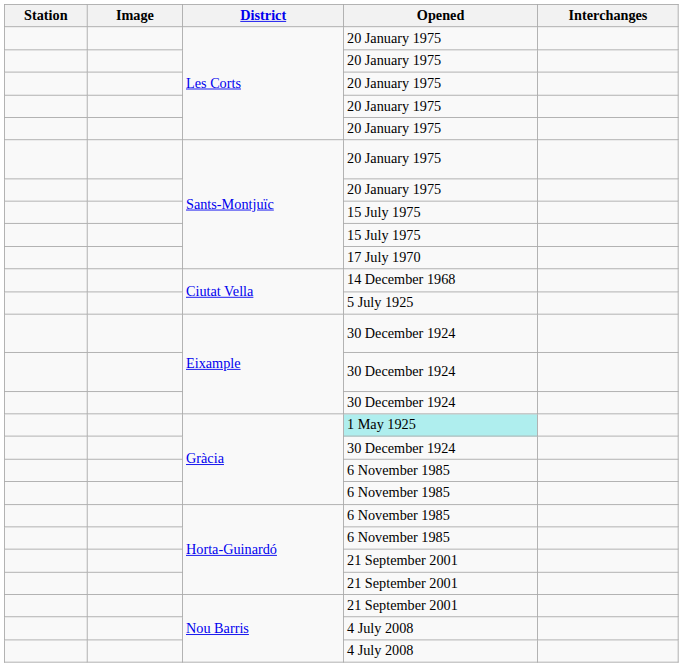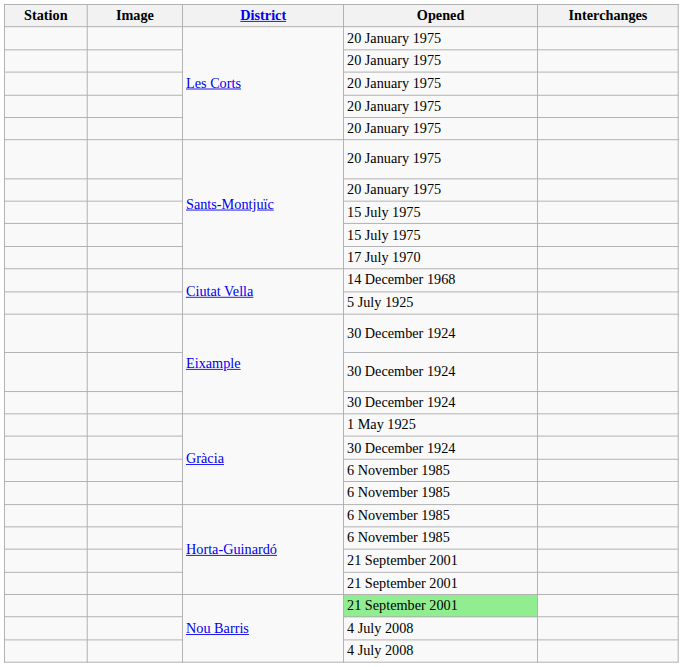 <table class="wikitable sortable" style="width:60%">
 <tr>
 <th>Station</th>
 <th style="width:100px" class="unsortable">Image</th>
 <th><a href='#'>District</a></th>
 <th data-sort-type="date">Opened</th>
 <th class="unsortable">Interchanges</th>
 </tr>
 <tr>
 <td><strong></strong></td>
 <td></td>
 <td rowspan=5><a href='#'>Les Corts</a></td>
 <td>20 January 1975</td>
 <td>  <br>   </td>
 </tr>
 <tr>
 <td><strong></strong></td>
 <td></td>
 <td>20 January 1975</td>
 <td>   </td>
 </tr>
 <tr>
 <td><strong></strong></td>
 <td></td>
 <td>20 January 1975</td>
 <td>   </td>
 </tr>
 <tr>
 <td><strong></strong></td>
 <td></td>
 <td>20 January 1975</td>
 <td></td>
 </tr>
 <tr>
 <td><strong></strong></td>
 <td></td>
 <td>20 January 1975</td>
 <td></td>
 </tr>
 <tr>
 <td><strong></strong></td>
 <td></td>
 <td rowspan=5><a href='#'>Sants-Montjuïc</a></td>
 <td>20 January 1975</td>
 <td>  <br>    <br></td>
 </tr>
 <tr>
 <td><strong></strong></td>
 <td></td>
 <td>20 January 1975</td>
 <td></td>
 </tr>
 <tr>
 <td><strong></strong></td>
 <td></td>
 <td>15 July 1975</td>
 <td>  <br>   </td>
 </tr>
 <tr>
 <td><strong></strong></td>
 <td></td>
 <td>15 July 1975</td>
 <td></td>
 </tr>
 <tr>
 <td><strong></strong></td>
 <td></td>
 <td>17 July 1970</td>
 <td>   </td>
 </tr>
 <tr>
 <td><strong></strong></td>
 <td></td>
 <td rowspan=2><a href='#'>Ciutat Vella</a></td>
 <td>14 December 1968</td>
 <td></td>
 </tr>
 <tr>
 <td><strong></strong></td>
 <td></td>
 <td>5 July 1925</td>
 <td></td>
 </tr>
 <tr>
 <td><strong></strong></td>
 <td></td>
 <td rowspan=3><a href='#'>Eixample</a></td>
 <td>30 December 1924</td>
 <td>  <br>    <br>    </td>
 </tr>
 <tr>
 <td><strong></strong></td>
 <td></td>
 <td>30 December 1924</td>
 <td>   <br> <br></td>
 </tr>
 <tr>
 <td><strong></strong></td>
 <td></td>
 <td>30 December 1924</td>
 <td>  <br>    </td>
 </tr>
 <tr>
 <td><strong></strong></td>
 <td></td>
 <td rowspan=4><a href='#'>Gràcia</a></td>
-<td style="background: paleturquoise;">1 May 1925</td>
+<td>1 May 1925</td>
 <td></td>
 </tr>
 <tr>
 <td><strong></strong></td>
 <td></td>
 <td>30 December 1924</td>
 <td></td>
 </tr>
 <tr>
 <td><strong></strong></td>
 <td></td>
 <td>6 November 1985</td>
 <td></td>
 </tr>
 <tr>
 <td><strong></strong></td>
 <td></td>
 <td>6 November 1985</td>
 <td></td>
 </tr>
 <tr>
 <td><strong></strong></td>
 <td></td>
 <td rowspan=4><a href='#'>Horta-Guinardó</a></td>
 <td>6 November 1985</td>
 <td>  </td>
 </tr>
 <tr>
 <td><strong></strong></td>
 <td></td>
 <td>6 November 1985</td>
 <td></td>
 </tr>
 <tr>
 <td><strong></strong></td>
 <td></td>
 <td>21 September 2001</td>
 <td></td>
 </tr>
 <tr>
 <td><strong></strong></td>
 <td></td>
 <td>21 September 2001</td>
 <td></td>
 </tr>
 <tr>
 <td><strong></strong></td>
 <td></td>
 <td rowspan=3><a href='#'>Nou Barris</a></td>
-<td>21 September 2001</td>
+<td style="background: lightgreen;">21 September 2001</td>
 <td></td>
 </tr>
 <tr>
 <td><strong></strong></td>
 <td></td>
 <td>4 July 2008</td>
 <td></td>
 </tr>
 <tr>
 <td><strong></strong></td>
 <td></td>
 <td>4 July 2008</td>
 <td>   </td>
 </tr>
 </table>
